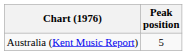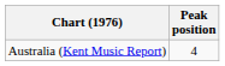 <table class="wikitable">
 <tr>
 <th scope="col">Chart (1976)</th>
 <th>Peak<br>position</th>
 </tr>
 <tr>
 <td>Australia (<a href='#'>Kent Music Report</a>)</td>
-<td style="text-align:center;">5</td>
+<td style="text-align:center;">4</td>
 </tr>
 </table>
